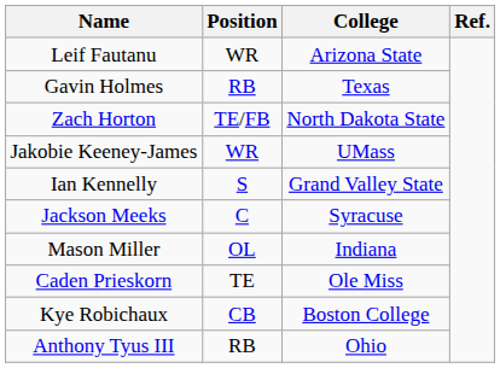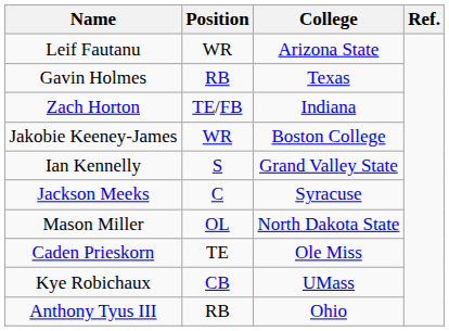 <table class="wikitable" style="text-align:center">
 <tr>
 <th>Name</th>
 <th>Position</th>
 <th>College</th>
 <th>Ref.</th>
 </tr>
 <tr>
 <td>Leif Fautanu</td>
 <td>WR</td>
 <td><a href='#'>Arizona State</a></td>
 <td rowspan="10"></td>
 </tr>
 <tr>
 <td>Gavin Holmes</td>
 <td><a href='#'>RB</a></td>
 <td><a href='#'>Texas</a></td>
 </tr>
 <tr>
 <td><a href='#'>Zach Horton</a></td>
 <td><a href='#'>TE</a>/<a href='#'>FB</a></td>
-<td><a href='#'>North Dakota State</a></td>
+<td><a href='#'>Indiana</a></td>
 </tr>
 <tr>
 <td>Jakobie Keeney-James</td>
 <td><a href='#'>WR</a></td>
-<td><a href='#'>UMass</a></td>
+<td><a href='#'>Boston College</a></td>
 </tr>
 <tr>
 <td>Ian Kennelly</td>
 <td><a href='#'>S</a></td>
 <td><a href='#'>Grand Valley State</a></td>
 </tr>
 <tr>
 <td><a href='#'>Jackson Meeks</a></td>
 <td><a href='#'>C</a></td>
 <td><a href='#'>Syracuse</a></td>
 </tr>
 <tr>
 <td>Mason Miller</td>
 <td><a href='#'>OL</a></td>
-<td><a href='#'>Indiana</a></td>
+<td><a href='#'>North Dakota State</a></td>
 </tr>
 <tr>
 <td><a href='#'>Caden Prieskorn</a></td>
 <td>TE</td>
 <td><a href='#'>Ole Miss</a></td>
 </tr>
 <tr>
 <td>Kye Robichaux</td>
 <td><a href='#'>CB</a></td>
-<td><a href='#'>Boston College</a></td>
+<td><a href='#'>UMass</a></td>
 </tr>
 <tr>
 <td><a href='#'>Anthony Tyus III</a></td>
 <td>RB</td>
 <td><a href='#'>Ohio</a></td>
 </tr>
 </table>
